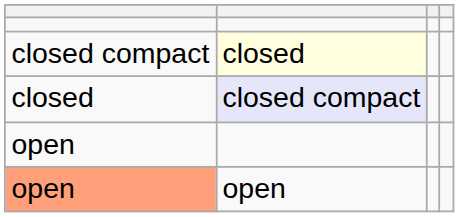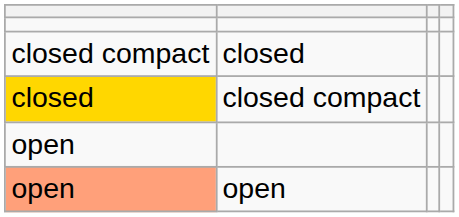 <table class="wikitable">
 <tr>
 <th></th>
 <th></th>
 <th></th>
 <th></th>
 </tr>
 <tr>
 <td></td>
 <td></td>
 <td></td>
 <td></td>
 </tr>
 <tr>
 <td>closed compact</td>
-<td style="background: lightyellow;">closed</td>
+<td>closed</td>
 <td></td>
 <td></td>
 </tr>
 <tr>
-<td>closed</td>
-<td style="background: lavender;">closed compact</td>
+<td style="background: gold;">closed</td>
+<td>closed compact</td>
 <td></td>
 <td></td>
 </tr>
 <tr>
 <td>open</td>
 <td></td>
 <td></td>
 <td></td>
 </tr>
 <tr>
 <td style="background: lightsalmon;">open</td>
 <td>open</td>
 <td></td>
 <td></td>
 </tr>
 </table>
